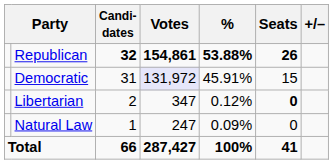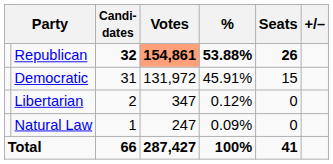 <table class="wikitable" style="font-size:100%; text-align:right;">
 <tr>
 <th colspan=2>Party</th>
 <th><small>Candi-<br>dates</small></th>
 <th>Votes</th>
 <th>%</th>
 <th>Seats</th>
 <th>+/–</th>
 </tr>
 <tr>
 <td style="background:"></td>
 <td align=left><a href='#'>Republican</a></td>
 <td><strong>32</strong></td>
-<td><strong>154,861</strong></td>
+<td style="background: lightsalmon;"><strong>154,861</strong></td>
 <td><strong>53.88%</strong></td>
 <td><strong>26</strong></td>
 <td></td>
 </tr>
 <tr>
 <td style="background:"></td>
 <td align=left><a href='#'>Democratic</a></td>
 <td>31</td>
-<td style="background: lavender;">131,972</td>
+<td>131,972</td>
 <td>45.91%</td>
 <td>15</td>
 <td></td>
 </tr>
 <tr>
 <td style="background:"></td>
 <td align=left><a href='#'>Libertarian</a></td>
 <td>2</td>
 <td>347</td>
 <td>0.12%</td>
-<td><strong>0</strong></td>
+<td>0</td>
 <td></td>
 </tr>
 <tr>
 <td style="background:"></td>
 <td align=left><a href='#'>Natural Law</a></td>
 <td>1</td>
 <td>247</td>
 <td>0.09%</td>
 <td>0</td>
 <td></td>
 </tr>
 <tr style="font-weight:bold">
 <td colspan=2 align=left>Total</td>
 <td>66</td>
 <td>287,427</td>
 <td>100%</td>
 <td>41</td>
 <td></td>
 </tr>
 </table>
